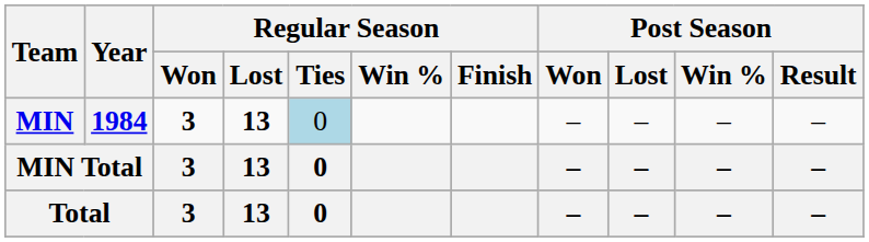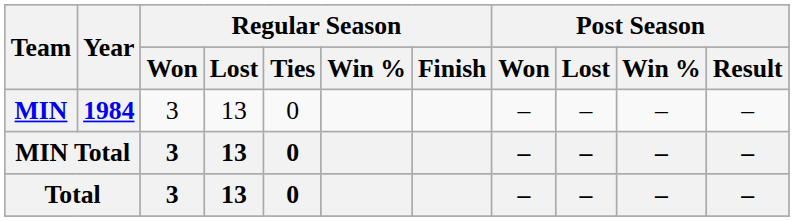 <table class="wikitable" style="font-size: 95%; text-align:center;">
 <tr>
 <th rowspan="2">Team</th>
 <th rowspan="2">Year</th>
 <th colspan="5">Regular Season</th>
 <th colspan="4">Post Season</th>
 </tr>
 <tr>
 <th>Won</th>
 <th>Lost</th>
 <th>Ties</th>
 <th>Win %</th>
 <th>Finish</th>
 <th>Won</th>
 <th>Lost</th>
 <th>Win %</th>
 <th>Result</th>
 </tr>
 <tr>
 <th><a href='#'>MIN</a></th>
 <th><a href='#'>1984</a></th>
-<td><strong>3</strong></td>
-<td><strong>13</strong></td>
-<td style="background: lightblue;">0</td>
+<td>3</td>
+<td>13</td>
+<td>0</td>
 <td></td>
 <td></td>
 <td>–</td>
 <td>–</td>
 <td>–</td>
 <td>–</td>
 </tr>
 <tr>
 <th colspan="2">MIN Total</th>
 <th>3</th>
 <th>13</th>
 <th>0</th>
 <th></th>
 <th></th>
 <th>–</th>
 <th>–</th>
 <th>–</th>
 <th>–</th>
 </tr>
 <tr>
 <th colspan="2">Total</th>
 <th>3</th>
 <th>13</th>
 <th>0</th>
 <th></th>
 <th></th>
 <th>–</th>
 <th>–</th>
 <th>–</th>
 <th>–</th>
 </tr>
 </table>
